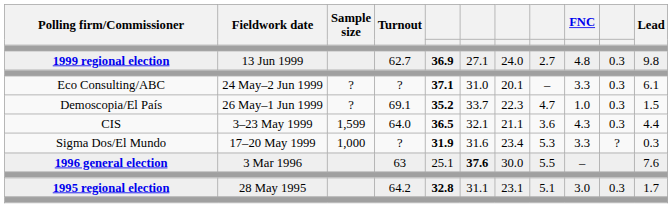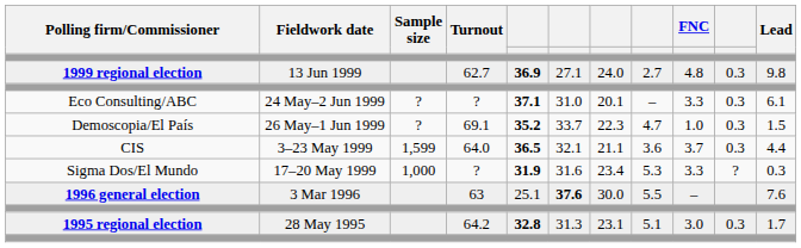 <table class="wikitable collapsible collapsed" style="text-align:center; font-size:95%; line-height:16px;">
 <tr style="height:42px;">
 <th style="width:250px;" rowspan="2">Polling firm/Commissioner</th>
 <th style="width:125px;" rowspan="2">Fieldwork date</th>
 <th style="width:50px;" rowspan="2">Sample size</th>
 <th style="width:45px;" rowspan="2">Turnout</th>
 <th style="width:35px;"></th>
 <th style="width:35px;"></th>
 <th style="width:35px;"></th>
 <th style="width:35px;"></th>
 <th style="width:35px;"><a href='#'>FNC</a></th>
 <th style="width:35px;"></th>
 <th style="width:30px;" rowspan="2">Lead</th>
 </tr>
 <tr>
 <th style="color:inherit;background:"></th>
 <th style="color:inherit;background:"></th>
 <th style="color:inherit;background:"></th>
 <th style="color:inherit;background:"></th>
 <th style="color:inherit;background:"></th>
 <th style="color:inherit;background:"></th>
 </tr>
 <tr>
 <td colspan="11" style="background:#A0A0A0"></td>
 </tr>
 <tr style="background:#EFEFEF;">
 <td><strong><a href='#'>1999 regional election</a></strong></td>
 <td>13 Jun 1999</td>
 <td></td>
 <td>62.7</td>
 <td><strong>36.9</strong><br></td>
 <td>27.1<br></td>
 <td>24.0<br></td>
 <td>2.7<br></td>
 <td>4.8<br></td>
 <td>0.3<br></td>
 <td style="background:">9.8</td>
 </tr>
 <tr>
 <td colspan="11" style="background:#A0A0A0"></td>
 </tr>
 <tr>
 <td>Eco Consulting/ABC</td>
 <td>24 May–2 Jun 1999</td>
 <td>?</td>
 <td>?</td>
 <td><strong>37.1</strong><br></td>
 <td>31.0<br></td>
 <td>20.1<br></td>
 <td>–</td>
 <td>3.3<br></td>
 <td>0.3<br></td>
 <td style="background:">6.1</td>
 </tr>
 <tr>
 <td>Demoscopia/El País</td>
 <td>26 May–1 Jun 1999</td>
 <td>?</td>
 <td>69.1</td>
 <td><strong>35.2</strong><br></td>
 <td>33.7<br></td>
 <td>22.3<br></td>
 <td>4.7<br></td>
 <td>1.0<br></td>
 <td>0.3<br></td>
 <td style="background:">1.5</td>
 </tr>
 <tr>
 <td>CIS</td>
 <td>3–23 May 1999</td>
 <td>1,599</td>
 <td>64.0</td>
 <td><strong>36.5</strong><br></td>
 <td>32.1<br></td>
 <td>21.1<br></td>
 <td>3.6<br></td>
-<td>4.3<br></td>
+<td>3.7<br></td>
 <td>0.3<br></td>
 <td style="background:">4.4</td>
 </tr>
 <tr>
 <td>Sigma Dos/El Mundo</td>
 <td>17–20 May 1999</td>
 <td>1,000</td>
 <td>?</td>
 <td><strong>31.9</strong><br></td>
 <td>31.6<br></td>
 <td>23.4<br></td>
 <td>5.3<br></td>
 <td>3.3<br></td>
 <td>?<br></td>
 <td style="background:">0.3</td>
 </tr>
 <tr style="background:#EFEFEF;">
 <td><strong><a href='#'>1996 general election</a></strong></td>
 <td>3 Mar 1996</td>
 <td></td>
 <td>63</td>
 <td>25.1</td>
 <td><strong>37.6</strong></td>
 <td>30.0</td>
 <td>5.5</td>
 <td>–</td>
 <td></td>
 <td style="background:">7.6</td>
 </tr>
 <tr>
 <td colspan="11" style="background:#A0A0A0"></td>
 </tr>
 <tr style="background:#EFEFEF;">
 <td><strong><a href='#'>1995 regional election</a></strong></td>
 <td>28 May 1995</td>
 <td></td>
 <td>64.2</td>
 <td><strong>32.8</strong><br></td>
-<td>31.1<br></td>
+<td>31.3<br></td>
 <td>23.1<br></td>
 <td>5.1<br></td>
 <td>3.0<br></td>
 <td>0.3<br></td>
 <td style="background:">1.7</td>
 </tr>
 <tr>
 <td colspan="11" style="background:#A0A0A0"></td>
 </tr>
 </table>
